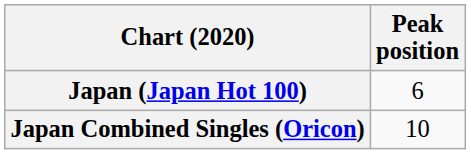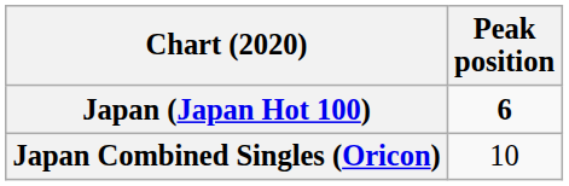 <table class="wikitable sortable plainrowheaders" style="text-align:center">
 <tr>
 <th scope="col">Chart (2020)</th>
 <th scope="col">Peak<br>position</th>
 </tr>
 <tr>
 <th scope="row">Japan (<a href='#'>Japan Hot 100</a>)</th>
-<td>6</td>
+<td><strong>6</strong></td>
 </tr>
 <tr>
 <th scope="row">Japan Combined Singles (<a href='#'>Oricon</a>)</th>
 <td>10</td>
 </tr>
 </table>
